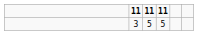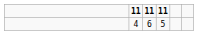 <table class="wikitable">
 <tr>
 <td style="width:15em"></td>
 <td align=center style="width:1em"><strong>11</strong></td>
 <td align=center style="width:1em"><strong>11</strong></td>
 <td align=center style="width:1em"><strong>11</strong></td>
 <td align=center style="width:1em"></td>
 <td align=center style="width:1em"></td>
 </tr>
 <tr>
 <td style="width:15em"></td>
-<td align=center style="width:1em">3</td>
-<td align=center style="width:1em">5</td>
+<td align=center style="width:1em">4</td>
+<td align=center style="width:1em">6</td>
 <td align=center style="width:1em">5</td>
 <td align=center style="width:1em"></td>
 <td align=center style="width:1em"></td>
 </tr>
 </table>
